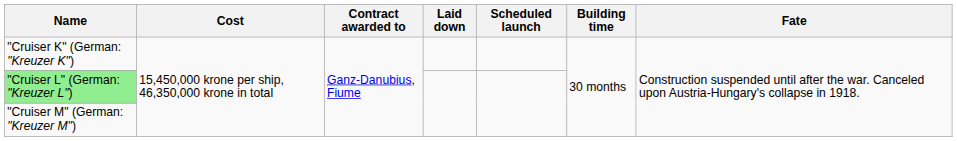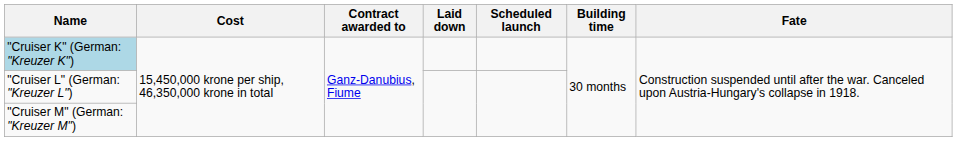 <table class="wikitable">
 <tr>
 <th>Name</th>
 <th>Cost</th>
 <th>Contract awarded to</th>
 <th>Laid down</th>
 <th>Scheduled launch</th>
 <th>Building time</th>
 <th>Fate</th>
 </tr>
 <tr>
-<td>"Cruiser K" (German: <em>"Kreuzer K"</em>)</td>
+<td style="background: lightblue;">"Cruiser K" (German: <em>"Kreuzer K"</em>)</td>
 <td rowspan=3>15,450,000 krone per ship, 46,350,000 krone in total</td>
 <td rowspan=3><a href='#'>Ganz-Danubius</a>, <a href='#'>Fiume</a></td>
 <td></td>
 <td></td>
 <td rowspan=3>30 months</td>
 <td rowspan=3>Construction suspended until after the war. Canceled upon Austria-Hungary's collapse in 1918.</td>
 </tr>
 <tr>
-<td style="background: lightgreen;">"Cruiser L" (German: <em>"Kreuzer L"</em>)</td>
+<td>"Cruiser L" (German: <em>"Kreuzer L"</em>)</td>
 <td rowspan=2></td>
 <td rowspan=2></td>
 </tr>
 <tr>
 <td>"Cruiser M" (German: <em>"Kreuzer M"</em>)</td>
 </tr>
 </table>
